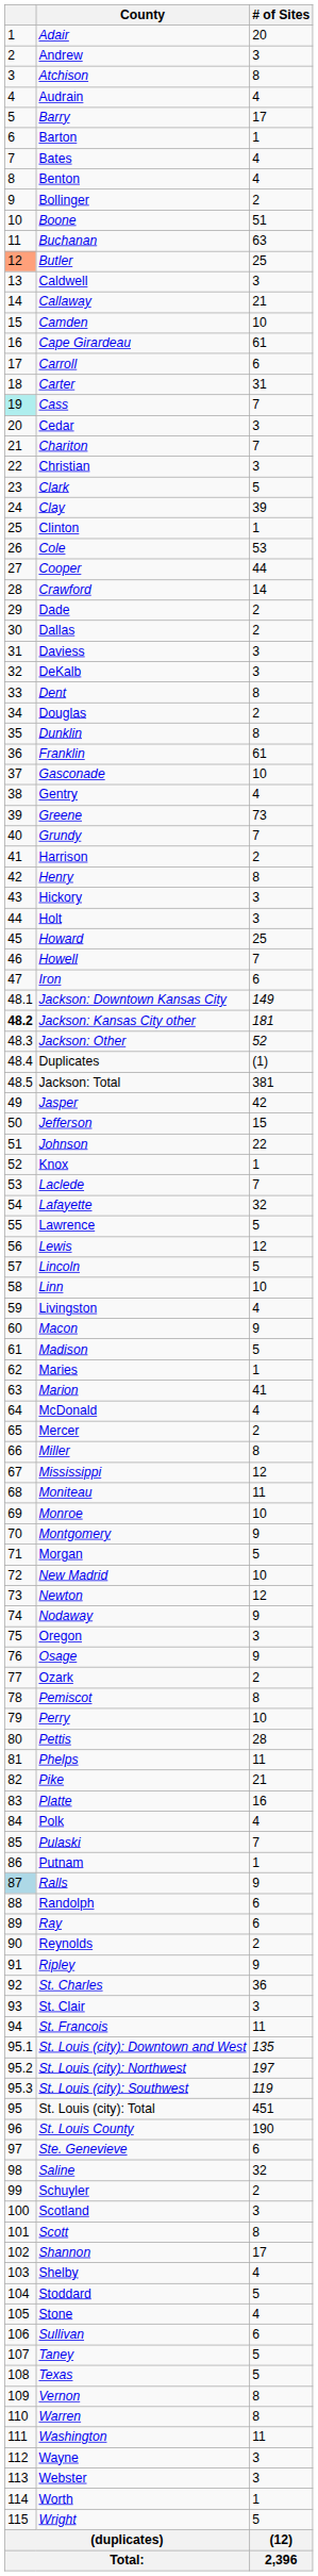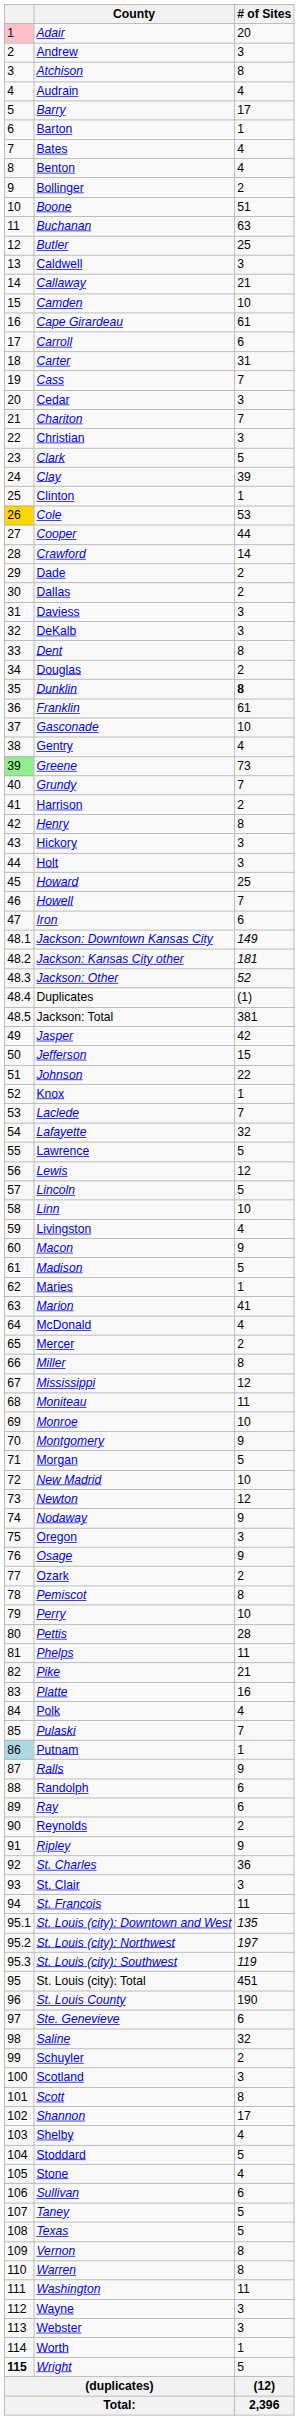 <table class="wikitable sortable">
 <tr>
 <th></th>
 <th><strong>County</strong></th>
 <th><strong># of Sites</strong></th>
 </tr>
 <tr ->
-<td>1</td>
+<td style="background: pink;">1</td>
 <td><em><a href='#'>Adair</a></em></td>
 <td>20</td>
 </tr>
 <tr>
 <td>2</td>
 <td><a href='#'>Andrew</a></td>
 <td>3</td>
 </tr>
 <tr>
 <td>3</td>
 <td><em><a href='#'>Atchison</a></em></td>
 <td>8</td>
 </tr>
 <tr>
 <td>4</td>
 <td><a href='#'>Audrain</a></td>
 <td>4</td>
 </tr>
 <tr>
 <td>5</td>
 <td><em><a href='#'>Barry</a></em></td>
 <td>17</td>
 </tr>
 <tr>
 <td>6</td>
 <td><a href='#'>Barton</a></td>
 <td>1</td>
 </tr>
 <tr>
 <td>7</td>
 <td><a href='#'>Bates</a></td>
 <td>4</td>
 </tr>
 <tr>
 <td>8</td>
 <td><a href='#'>Benton</a></td>
 <td>4</td>
 </tr>
 <tr>
 <td>9</td>
 <td><a href='#'>Bollinger</a></td>
 <td>2</td>
 </tr>
 <tr>
 <td>10</td>
 <td><em><a href='#'>Boone</a></em></td>
 <td>51</td>
 </tr>
 <tr>
 <td>11</td>
 <td><em><a href='#'>Buchanan</a></em></td>
 <td>63</td>
 </tr>
 <tr>
-<td style="background: lightsalmon;">12</td>
+<td>12</td>
 <td><em><a href='#'>Butler</a></em></td>
 <td>25</td>
 </tr>
 <tr>
 <td>13</td>
 <td><a href='#'>Caldwell</a></td>
 <td>3</td>
 </tr>
 <tr>
 <td>14</td>
 <td><em><a href='#'>Callaway</a></em></td>
 <td>21</td>
 </tr>
 <tr>
 <td>15</td>
 <td><em><a href='#'>Camden</a></em></td>
 <td>10</td>
 </tr>
 <tr>
 <td>16</td>
 <td><em><a href='#'>Cape Girardeau</a></em></td>
 <td>61</td>
 </tr>
 <tr>
 <td>17</td>
 <td><em><a href='#'>Carroll</a></em></td>
 <td>6</td>
 </tr>
 <tr>
 <td>18</td>
 <td><em><a href='#'>Carter</a></em></td>
 <td>31</td>
 </tr>
 <tr>
-<td style="background: paleturquoise;">19</td>
+<td>19</td>
 <td><em><a href='#'>Cass</a></em></td>
 <td>7</td>
 </tr>
 <tr>
 <td>20</td>
 <td><a href='#'>Cedar</a></td>
 <td>3</td>
 </tr>
 <tr>
 <td>21</td>
 <td><em><a href='#'>Chariton</a></em></td>
 <td>7</td>
 </tr>
 <tr>
 <td>22</td>
 <td><a href='#'>Christian</a></td>
 <td>3</td>
 </tr>
 <tr>
 <td>23</td>
 <td><em><a href='#'>Clark</a></em></td>
 <td>5</td>
 </tr>
 <tr>
 <td>24</td>
 <td><em><a href='#'>Clay</a></em></td>
 <td>39</td>
 </tr>
 <tr>
 <td>25</td>
 <td><a href='#'>Clinton</a></td>
 <td>1</td>
 </tr>
 <tr>
-<td>26</td>
+<td style="background: gold;">26</td>
 <td><em><a href='#'>Cole</a></em></td>
 <td>53</td>
 </tr>
 <tr>
 <td>27</td>
 <td><em><a href='#'>Cooper</a></em></td>
 <td>44</td>
 </tr>
 <tr>
 <td>28</td>
 <td><em><a href='#'>Crawford</a></em></td>
 <td>14</td>
 </tr>
 <tr>
 <td>29</td>
 <td><a href='#'>Dade</a></td>
 <td>2</td>
 </tr>
 <tr>
 <td>30</td>
 <td><a href='#'>Dallas</a></td>
 <td>2</td>
 </tr>
 <tr>
 <td>31</td>
 <td><a href='#'>Daviess</a></td>
 <td>3</td>
 </tr>
 <tr>
 <td>32</td>
 <td><a href='#'>DeKalb</a></td>
 <td>3</td>
 </tr>
 <tr>
 <td>33</td>
 <td><em><a href='#'>Dent</a></em></td>
 <td>8</td>
 </tr>
 <tr>
 <td>34</td>
 <td><a href='#'>Douglas</a></td>
 <td>2</td>
 </tr>
 <tr>
 <td>35</td>
 <td><em><a href='#'>Dunklin</a></em></td>
-<td>8</td>
+<td><strong>8</strong></td>
 </tr>
 <tr>
 <td>36</td>
 <td><em><a href='#'>Franklin</a></em></td>
 <td>61</td>
 </tr>
 <tr>
 <td>37</td>
 <td><em><a href='#'>Gasconade</a></em></td>
 <td>10</td>
 </tr>
 <tr>
 <td>38</td>
 <td><a href='#'>Gentry</a></td>
 <td>4</td>
 </tr>
 <tr>
-<td>39</td>
+<td style="background: lightgreen;">39</td>
 <td><em><a href='#'>Greene</a></em></td>
 <td>73</td>
 </tr>
 <tr>
 <td>40</td>
 <td><em><a href='#'>Grundy</a></em></td>
 <td>7</td>
 </tr>
 <tr>
 <td>41</td>
 <td><a href='#'>Harrison</a></td>
 <td>2</td>
 </tr>
 <tr>
 <td>42</td>
 <td><em><a href='#'>Henry</a></em></td>
 <td>8</td>
 </tr>
 <tr>
 <td>43</td>
 <td><a href='#'>Hickory</a></td>
 <td>3</td>
 </tr>
 <tr>
 <td>44</td>
 <td><a href='#'>Holt</a></td>
 <td>3</td>
 </tr>
 <tr>
 <td>45</td>
 <td><em><a href='#'>Howard</a></em></td>
 <td>25</td>
 </tr>
 <tr>
 <td>46</td>
 <td><em><a href='#'>Howell</a></em></td>
 <td>7</td>
 </tr>
 <tr>
 <td>47</td>
 <td><em><a href='#'>Iron</a></em></td>
 <td>6</td>
 </tr>
 <tr>
 <td>48.1</td>
 <td><em><a href='#'>Jackson: Downtown Kansas City</a></em></td>
 <td><em>149</em></td>
 </tr>
 <tr>
-<td><strong>48.2</strong></td>
+<td>48.2</td>
 <td><em><a href='#'>Jackson: Kansas City other</a></em></td>
 <td><em>181</em></td>
 </tr>
 <tr>
 <td>48.3</td>
 <td><em><a href='#'>Jackson: Other</a></em></td>
 <td><em>52</em></td>
 </tr>
 <tr>
 <td>48.4</td>
 <td>Duplicates</td>
 <td>(1)</td>
 </tr>
 <tr>
 <td>48.5</td>
 <td>Jackson: Total</td>
 <td>381</td>
 </tr>
 <tr ->
 <td>49</td>
 <td><em><a href='#'>Jasper</a></em></td>
 <td>42</td>
 </tr>
 <tr>
 <td>50</td>
 <td><em><a href='#'>Jefferson</a></em></td>
 <td>15</td>
 </tr>
 <tr>
 <td>51</td>
 <td><em><a href='#'>Johnson</a></em></td>
 <td>22</td>
 </tr>
 <tr>
 <td>52</td>
 <td><a href='#'>Knox</a></td>
 <td>1</td>
 </tr>
 <tr>
 <td>53</td>
 <td><em><a href='#'>Laclede</a></em></td>
 <td>7</td>
 </tr>
 <tr>
 <td>54</td>
 <td><em><a href='#'>Lafayette</a></em></td>
 <td>32</td>
 </tr>
 <tr>
 <td>55</td>
 <td><a href='#'>Lawrence</a></td>
 <td>5</td>
 </tr>
 <tr>
 <td>56</td>
 <td><em><a href='#'>Lewis</a></em></td>
 <td>12</td>
 </tr>
 <tr>
 <td>57</td>
 <td><em><a href='#'>Lincoln</a></em></td>
 <td>5</td>
 </tr>
 <tr>
 <td>58</td>
 <td><em><a href='#'>Linn</a></em></td>
 <td>10</td>
 </tr>
 <tr>
 <td>59</td>
 <td><a href='#'>Livingston</a></td>
 <td>4</td>
 </tr>
 <tr>
 <td>60</td>
 <td><em><a href='#'>Macon</a></em></td>
 <td>9</td>
 </tr>
 <tr>
 <td>61</td>
 <td><em><a href='#'>Madison</a></em></td>
 <td>5</td>
 </tr>
 <tr>
 <td>62</td>
 <td><a href='#'>Maries</a></td>
 <td>1</td>
 </tr>
 <tr>
 <td>63</td>
 <td><em><a href='#'>Marion</a></em></td>
 <td>41</td>
 </tr>
 <tr>
 <td>64</td>
 <td><a href='#'>McDonald</a></td>
 <td>4</td>
 </tr>
 <tr>
 <td>65</td>
 <td><a href='#'>Mercer</a></td>
 <td>2</td>
 </tr>
 <tr>
 <td>66</td>
 <td><em><a href='#'>Miller</a></em></td>
 <td>8</td>
 </tr>
 <tr>
 <td>67</td>
 <td><em><a href='#'>Mississippi</a></em></td>
 <td>12</td>
 </tr>
 <tr>
 <td>68</td>
 <td><em><a href='#'>Moniteau</a></em></td>
 <td>11</td>
 </tr>
 <tr>
 <td>69</td>
 <td><em><a href='#'>Monroe</a></em></td>
 <td>10</td>
 </tr>
 <tr>
 <td>70</td>
 <td><em><a href='#'>Montgomery</a></em></td>
 <td>9</td>
 </tr>
 <tr>
 <td>71</td>
 <td><a href='#'>Morgan</a></td>
 <td>5</td>
 </tr>
 <tr>
 <td>72</td>
 <td><em><a href='#'>New Madrid</a></em></td>
 <td>10</td>
 </tr>
 <tr>
 <td>73</td>
 <td><em><a href='#'>Newton</a></em></td>
 <td>12</td>
 </tr>
 <tr>
 <td>74</td>
 <td><em><a href='#'>Nodaway</a></em></td>
 <td>9</td>
 </tr>
 <tr>
 <td>75</td>
 <td><a href='#'>Oregon</a></td>
 <td>3</td>
 </tr>
 <tr>
 <td>76</td>
 <td><em><a href='#'>Osage</a></em></td>
 <td>9</td>
 </tr>
 <tr>
 <td>77</td>
 <td><a href='#'>Ozark</a></td>
 <td>2</td>
 </tr>
 <tr>
 <td>78</td>
 <td><em><a href='#'>Pemiscot</a></em></td>
 <td>8</td>
 </tr>
 <tr>
 <td>79</td>
 <td><em><a href='#'>Perry</a></em></td>
 <td>10</td>
 </tr>
 <tr>
 <td>80</td>
 <td><em><a href='#'>Pettis</a></em></td>
 <td>28</td>
 </tr>
 <tr>
 <td>81</td>
 <td><em><a href='#'>Phelps</a></em></td>
 <td>11</td>
 </tr>
 <tr>
 <td>82</td>
 <td><em><a href='#'>Pike</a></em></td>
 <td>21</td>
 </tr>
 <tr>
 <td>83</td>
 <td><em><a href='#'>Platte</a></em></td>
 <td>16</td>
 </tr>
 <tr>
 <td>84</td>
 <td><a href='#'>Polk</a></td>
 <td>4</td>
 </tr>
 <tr>
 <td>85</td>
 <td><em><a href='#'>Pulaski</a></em></td>
 <td>7</td>
 </tr>
 <tr>
-<td>86</td>
+<td style="background: lightblue;">86</td>
 <td><a href='#'>Putnam</a></td>
 <td>1</td>
 </tr>
 <tr>
-<td style="background: lightblue;">87</td>
+<td>87</td>
 <td><em><a href='#'>Ralls</a></em></td>
 <td>9</td>
 </tr>
 <tr>
 <td>88</td>
 <td><a href='#'>Randolph</a></td>
 <td>6</td>
 </tr>
 <tr>
 <td>89</td>
 <td><em><a href='#'>Ray</a></em></td>
 <td>6</td>
 </tr>
 <tr>
 <td>90</td>
 <td><a href='#'>Reynolds</a></td>
 <td>2</td>
 </tr>
 <tr>
 <td>91</td>
 <td><em><a href='#'>Ripley</a></em></td>
 <td>9</td>
 </tr>
 <tr>
 <td>92</td>
 <td><em><a href='#'>St. Charles</a></em></td>
 <td>36</td>
 </tr>
 <tr>
 <td>93</td>
 <td><a href='#'>St. Clair</a></td>
 <td>3</td>
 </tr>
 <tr>
 <td>94</td>
 <td><em><a href='#'>St. Francois</a></em></td>
 <td>11</td>
 </tr>
 <tr>
 <td>95.1</td>
 <td><em><a href='#'>St. Louis (city): Downtown and West</a></em></td>
 <td><em>135</em></td>
 </tr>
 <tr>
 <td>95.2</td>
 <td><em><a href='#'>St. Louis (city): Northwest</a></em></td>
 <td><em>197</em></td>
 </tr>
 <tr>
 <td>95.3</td>
 <td><em><a href='#'>St. Louis (city): Southwest</a></em></td>
 <td><em>119</em></td>
 </tr>
 <tr>
 <td>95</td>
 <td>St. Louis (city): Total</td>
 <td>451</td>
 </tr>
 <tr>
 <td>96</td>
 <td><em><a href='#'>St. Louis County</a></em></td>
 <td>190</td>
 </tr>
 <tr>
 <td>97</td>
 <td><em><a href='#'>Ste. Genevieve</a></em></td>
 <td>6</td>
 </tr>
 <tr>
 <td>98</td>
 <td><em><a href='#'>Saline</a></em></td>
 <td>32</td>
 </tr>
 <tr>
 <td>99</td>
 <td><a href='#'>Schuyler</a></td>
 <td>2</td>
 </tr>
 <tr>
 <td>100</td>
 <td><a href='#'>Scotland</a></td>
 <td>3</td>
 </tr>
 <tr>
 <td>101</td>
 <td><em><a href='#'>Scott</a></em></td>
 <td>8</td>
 </tr>
 <tr>
 <td>102</td>
 <td><em><a href='#'>Shannon</a></em></td>
 <td>17</td>
 </tr>
 <tr>
 <td>103</td>
 <td><a href='#'>Shelby</a></td>
 <td>4</td>
 </tr>
 <tr>
 <td>104</td>
 <td><a href='#'>Stoddard</a></td>
 <td>5</td>
 </tr>
 <tr>
 <td>105</td>
 <td><a href='#'>Stone</a></td>
 <td>4</td>
 </tr>
 <tr>
 <td>106</td>
 <td><em><a href='#'>Sullivan</a></em></td>
 <td>6</td>
 </tr>
 <tr>
 <td>107</td>
 <td><em><a href='#'>Taney</a></em></td>
 <td>5</td>
 </tr>
 <tr>
 <td>108</td>
 <td><em><a href='#'>Texas</a></em></td>
 <td>5</td>
 </tr>
 <tr>
 <td>109</td>
 <td><em><a href='#'>Vernon</a></em></td>
 <td>8</td>
 </tr>
 <tr>
 <td>110</td>
 <td><em><a href='#'>Warren</a></em></td>
 <td>8</td>
 </tr>
 <tr>
 <td>111</td>
 <td><em><a href='#'>Washington</a></em></td>
 <td>11</td>
 </tr>
 <tr>
 <td>112</td>
 <td><a href='#'>Wayne</a></td>
 <td>3</td>
 </tr>
 <tr>
 <td>113</td>
 <td><a href='#'>Webster</a></td>
 <td>3</td>
 </tr>
 <tr>
 <td>114</td>
 <td><a href='#'>Worth</a></td>
 <td>1</td>
 </tr>
 <tr>
-<td>115</td>
+<td><strong>115</strong></td>
 <td><em><a href='#'>Wright</a></em></td>
 <td>5</td>
 </tr>
 <tr class="sortbottom">
 <th colspan="2">(duplicates)</th>
 <th>(12)</th>
 </tr>
 <tr class="sortbottom">
 <th colspan="2">Total:</th>
 <th>2,396</th>
 </tr>
 </table>
